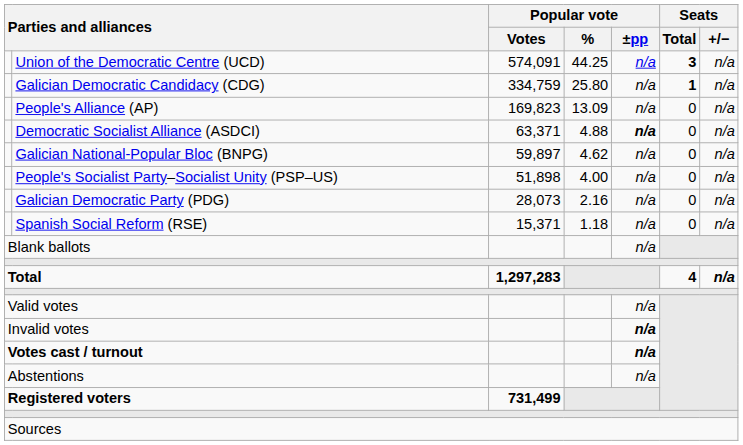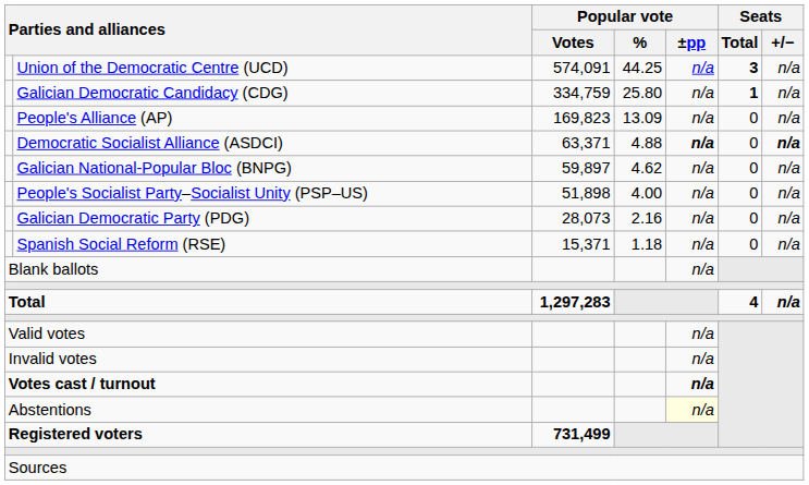 <table class="wikitable" style="text-align:right;">
 <tr>
 <th style="text-align:left;" rowspan="2" colspan="2" width="525">Parties and alliances</th>
 <th colspan="3">Popular vote</th>
 <th colspan="2">Seats</th>
 </tr>
 <tr>
 <th width="75">Votes</th>
 <th width="45">%</th>
 <th width="45">±<a href='#'>pp</a></th>
 <th width="35">Total</th>
 <th width="35">+/−</th>
 </tr>
 <tr>
 <td width="1" style="color:inherit;background:"></td>
 <td align="left"><a href='#'>Union of the Democratic Centre</a> (UCD)</td>
 <td>574,091</td>
 <td>44.25</td>
 <td><em><a href='#'>n/a</a></em></td>
 <td><strong>3</strong></td>
 <td><em>n/a</em></td>
 </tr>
 <tr>
 <td style="color:inherit;background:"></td>
 <td align="left"><a href='#'>Galician Democratic Candidacy</a> (CDG)</td>
 <td>334,759</td>
 <td>25.80</td>
 <td><em>n/a</em></td>
 <td><strong>1</strong></td>
 <td><em>n/a</em></td>
 </tr>
 <tr>
 <td style="color:inherit;background:"></td>
 <td align="left"><a href='#'>People's Alliance</a> (AP)</td>
 <td>169,823</td>
 <td>13.09</td>
 <td><em>n/a</em></td>
 <td>0</td>
 <td><em>n/a</em></td>
 </tr>
 <tr>
 <td style="color:inherit;background:"></td>
 <td align="left"><a href='#'>Democratic Socialist Alliance</a> (ASDCI)</td>
 <td>63,371</td>
 <td>4.88</td>
 <td><strong><em>n/a</em></strong></td>
 <td>0</td>
-<td><em>n/a</em></td>
+<td><strong><em>n/a</em></strong></td>
 </tr>
 <tr>
 <td style="color:inherit;background:"></td>
 <td align="left"><a href='#'>Galician National-Popular Bloc</a> (BNPG)</td>
 <td>59,897</td>
 <td>4.62</td>
 <td><em>n/a</em></td>
 <td>0</td>
 <td><em>n/a</em></td>
 </tr>
 <tr>
 <td style="color:inherit;background:"></td>
 <td align="left"><a href='#'>People's Socialist Party</a>–<a href='#'>Socialist Unity</a> (PSP–US)</td>
 <td>51,898</td>
 <td>4.00</td>
 <td><em>n/a</em></td>
 <td>0</td>
 <td><em>n/a</em></td>
 </tr>
 <tr>
 <td style="color:inherit;background:"></td>
 <td align="left"><a href='#'>Galician Democratic Party</a> (PDG)</td>
 <td>28,073</td>
 <td>2.16</td>
 <td><em>n/a</em></td>
 <td>0</td>
 <td><em>n/a</em></td>
 </tr>
 <tr>
 <td style="color:inherit;background:"></td>
 <td align="left"><a href='#'>Spanish Social Reform</a> (RSE)</td>
 <td>15,371</td>
 <td>1.18</td>
 <td><em>n/a</em></td>
 <td>0</td>
 <td><em>n/a</em></td>
 </tr>
 <tr>
 <td align="left" colspan="2">Blank ballots</td>
 <td></td>
 <td></td>
 <td><em>n/a</em></td>
 <td bgcolor="#E9E9E9" colspan="2"></td>
 </tr>
 <tr>
 <td colspan="7" bgcolor="#E9E9E9"></td>
 </tr>
 <tr style="font-weight:bold;">
 <td align="left" colspan="2">Total</td>
 <td>1,297,283</td>
 <td bgcolor="#E9E9E9" colspan="2"></td>
 <td>4</td>
 <td><em>n/a</em></td>
 </tr>
 <tr>
 <td colspan="7" bgcolor="#E9E9E9"></td>
 </tr>
 <tr>
 <td align="left" colspan="2">Valid votes</td>
 <td></td>
 <td></td>
 <td><em>n/a</em></td>
 <td bgcolor="#E9E9E9" colspan="2" rowspan="5"></td>
 </tr>
 <tr>
 <td align="left" colspan="2">Invalid votes</td>
 <td></td>
 <td></td>
-<td><strong><em>n/a</em></strong></td>
+<td><em>n/a</em></td>
 </tr>
 <tr style="font-weight:bold;">
 <td align="left" colspan="2">Votes cast / turnout</td>
 <td></td>
 <td></td>
 <td><em>n/a</em></td>
 </tr>
 <tr>
 <td align="left" colspan="2">Abstentions</td>
 <td></td>
 <td></td>
-<td><em>n/a</em></td>
+<td style="background: lightyellow;"><em>n/a</em></td>
 </tr>
 <tr style="font-weight:bold;">
 <td align="left" colspan="2">Registered voters</td>
 <td>731,499</td>
 <td bgcolor="#E9E9E9" colspan="2"></td>
 </tr>
 <tr>
 <td colspan="7" bgcolor="#E9E9E9"></td>
 </tr>
 <tr>
 <td align="left" colspan="7">Sources</td>
 </tr>
 </table>
